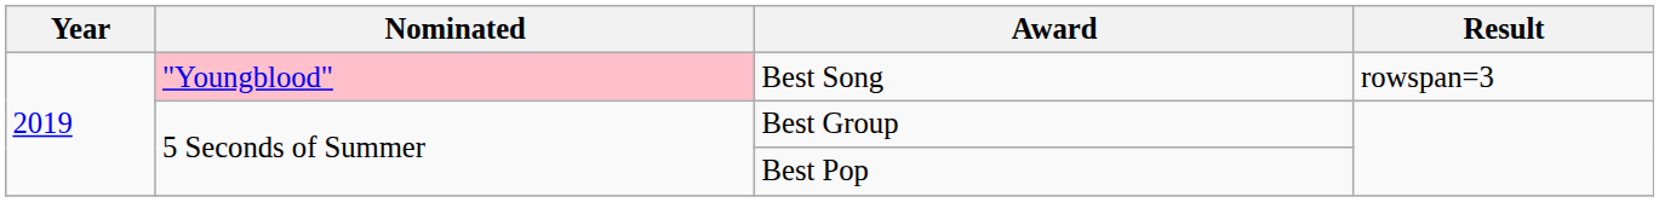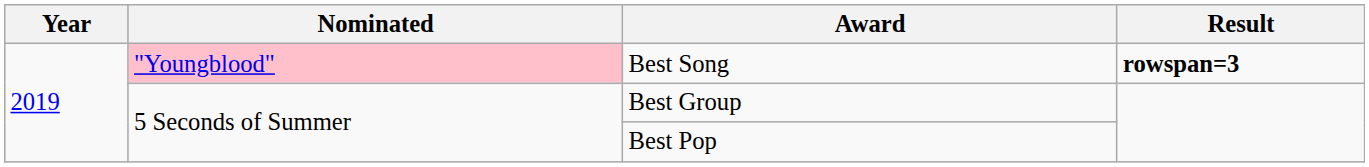 <table class="wikitable" style="width:100%;">
 <tr>
 <th width=5%>Year</th>
 <th style="width:20%;">Nominated</th>
 <th style="width:20%;">Award</th>
 <th style="width:10%;">Result</th>
 </tr>
 <tr>
 <td rowspan=3><a href='#'>2019</a></td>
 <td style="background: pink;"><a href='#'>"Youngblood"</a></td>
 <td>Best Song</td>
-<td>rowspan=3 </td>
+<td><strong>rowspan=3 </strong></td>
 </tr>
 <tr>
 <td rowspan=2>5 Seconds of Summer</td>
 <td>Best Group</td>
 </tr>
 <tr>
 <td>Best Pop</td>
 </tr>
 </table>
